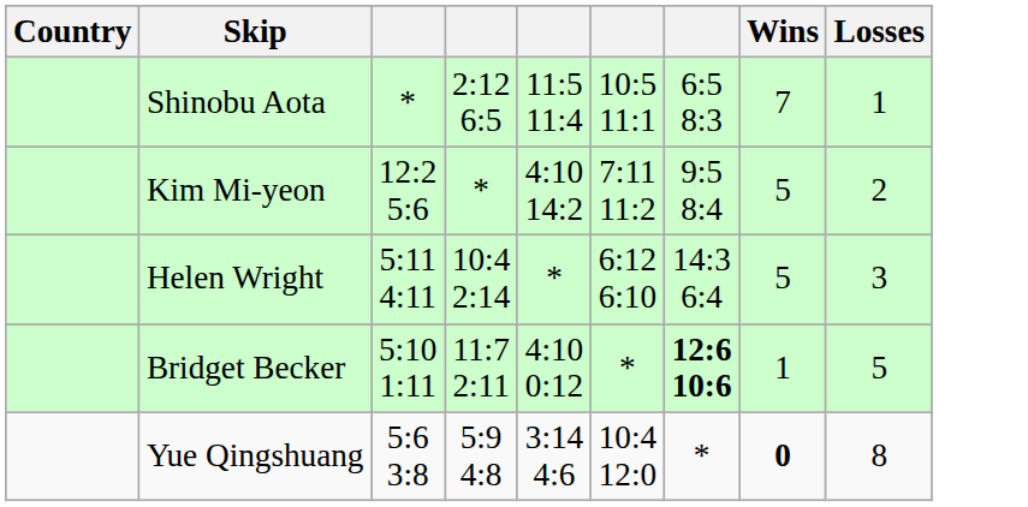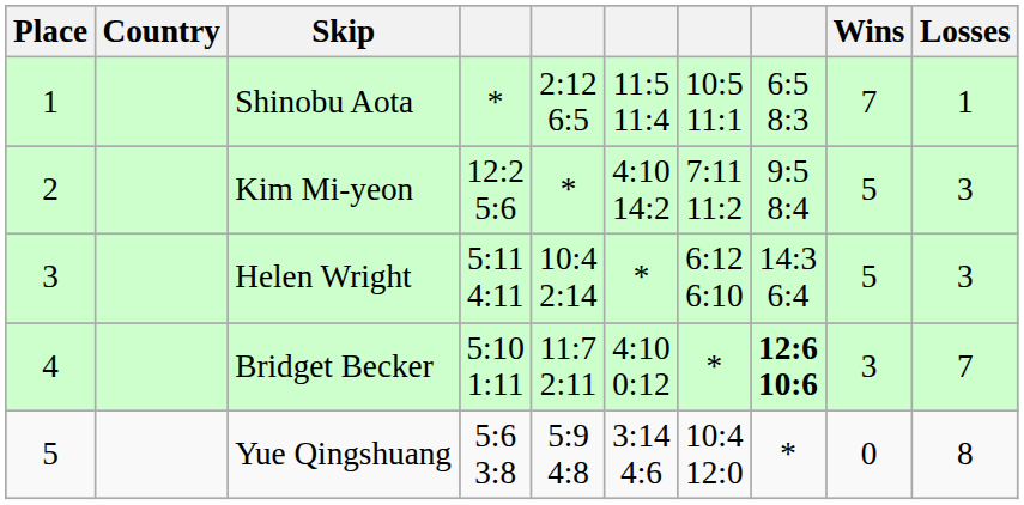 <table class="wikitable" style="text-align:center;">
 <tr>
+<th>Place</th>
 <th>Country</th>
 <th>Skip</th>
 <th width="25"></th>
 <th width="25"></th>
 <th width="25"></th>
 <th width="25"></th>
 <th width="25"></th>
 <th>Wins</th>
 <th>Losses</th>
 </tr>
 <tr bgcolor=#ccffcc>
+<td>1</td>
 <td align=left></td>
 <td align=left>Shinobu Aota</td>
 <td>*</td>
 <td>2:12<br> 6:5</td>
 <td>11:5<br>11:4</td>
 <td>10:5<br>11:1</td>
 <td>6:5<br> 8:3</td>
 <td>7</td>
 <td>1</td>
 </tr>
 <tr bgcolor=#ccffcc>
+<td>2</td>
 <td align=left></td>
 <td align=left>Kim Mi-yeon</td>
 <td>12:2<br> 5:6</td>
 <td>*</td>
 <td>4:10<br>14:2</td>
 <td>7:11<br>11:2</td>
 <td>9:5<br> 8:4</td>
 <td>5</td>
-<td>2</td>
+<td>3</td>
 </tr>
 <tr bgcolor=#ccffcc>
+<td>3</td>
 <td align=left></td>
 <td align=left>Helen Wright</td>
 <td>5:11<br>4:11</td>
 <td>10:4<br>2:14</td>
 <td>*</td>
 <td>6:12<br>6:10</td>
 <td>14:3<br> 6:4</td>
 <td>5</td>
 <td>3</td>
 </tr>
 <tr bgcolor=#ccffcc>
+<td>4</td>
 <td align=left></td>
 <td align=left>Bridget Becker</td>
 <td>5:10<br>1:11</td>
 <td>11:7<br>2:11</td>
 <td>4:10<br>0:12</td>
 <td>*</td>
 <td><strong>12:6<br>10:6</strong></td>
-<td>1</td>
-<td>5</td>
+<td>3</td>
+<td>7</td>
 </tr>
 <tr>
+<td>5</td>
 <td align=left></td>
 <td align=left>Yue Qingshuang</td>
 <td>5:6<br> 3:8</td>
 <td>5:9<br> 4:8</td>
 <td>3:14<br> 4:6</td>
 <td>10:4<br>12:0</td>
 <td>*</td>
-<td><strong>0</strong></td>
+<td>0</td>
 <td>8</td>
 </tr>
 </table>
